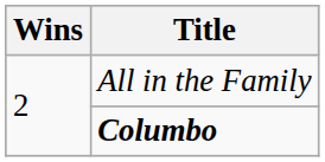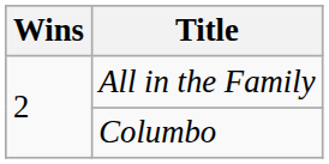 <table class="wikitable">
 <tr>
 <th>Wins</th>
 <th>Title</th>
 </tr>
 <tr>
 <td rowspan="2">2</td>
 <td><em>All in the Family</em></td>
 </tr>
 <tr>
-<td><strong><em>Columbo</em></strong></td>
+<td><em>Columbo</em></td>
 </tr>
 </table>
